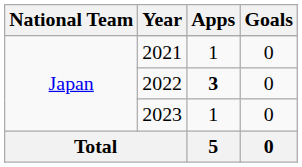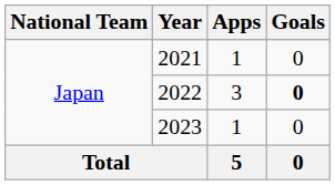 <table class="wikitable" style="text-align:center">
 <tr>
 <th>National Team</th>
 <th>Year</th>
 <th>Apps</th>
 <th>Goals</th>
 </tr>
 <tr>
 <td rowspan="4"><a href='#'>Japan</a></td>
 </tr>
 <tr>
 <td>2021</td>
 <td>1</td>
 <td>0</td>
 </tr>
 <tr>
 <td>2022</td>
-<td><strong>3</strong></td>
-<td>0</td>
+<td>3</td>
+<td><strong>0</strong></td>
 </tr>
 <tr>
 <td>2023</td>
 <td>1</td>
 <td>0</td>
 </tr>
 <tr>
 <th colspan="2">Total</th>
 <th>5</th>
 <th>0</th>
 </tr>
 </table>
